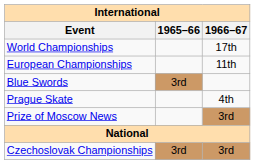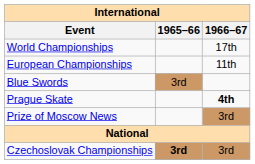 <table class="wikitable" style="text-align:center">
 <tr>
 <th style="background-color: #ffdead; " colspan=4 align=center>International</th>
 </tr>
 <tr>
 <th>Event</th>
 <th>1965–66</th>
 <th>1966–67</th>
 </tr>
 <tr>
 <td align=left><a href='#'>World Championships</a></td>
 <td></td>
 <td>17th</td>
 </tr>
 <tr>
 <td align=left><a href='#'>European Championships</a></td>
 <td></td>
 <td>11th</td>
 </tr>
 <tr>
 <td align=left><a href='#'>Blue Swords</a></td>
 <td bgcolor=cc9966>3rd</td>
 <td></td>
 </tr>
 <tr>
 <td align=left><a href='#'>Prague Skate</a></td>
 <td></td>
-<td>4th</td>
+<td><strong>4th</strong></td>
 </tr>
 <tr>
 <td align=left><a href='#'>Prize of Moscow News</a></td>
 <td></td>
 <td bgcolor=cc9966>3rd</td>
 </tr>
 <tr>
 <th style="background-color: #ffdead; " colspan=4 align=center>National</th>
 </tr>
 <tr>
 <td align=left><a href='#'>Czechoslovak Championships</a></td>
-<td bgcolor=cc9966>3rd</td>
+<td bgcolor=cc9966><strong>3rd</strong></td>
 <td bgcolor=cc9966>3rd</td>
 </tr>
 </table>
